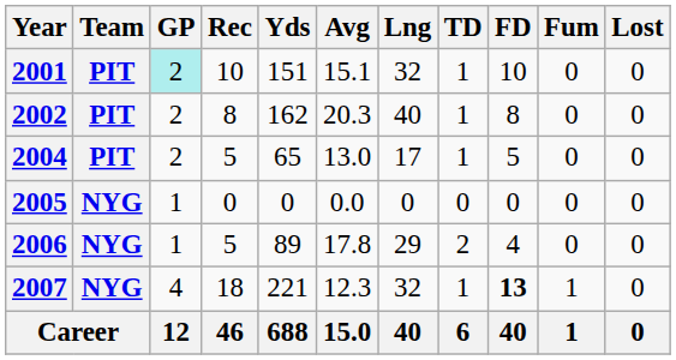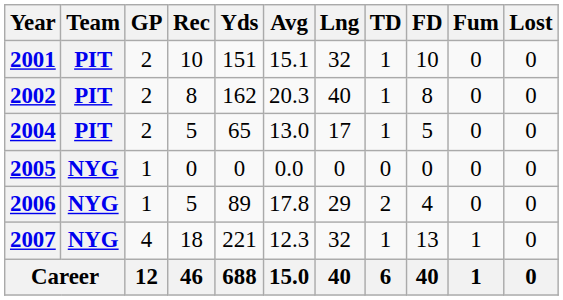 <table class="wikitable" style="text-align:center;">
 <tr>
 <th>Year</th>
 <th>Team</th>
 <th>GP</th>
 <th>Rec</th>
 <th>Yds</th>
 <th>Avg</th>
 <th>Lng</th>
 <th>TD</th>
 <th>FD</th>
 <th>Fum</th>
 <th>Lost</th>
 </tr>
 <tr>
 <th><a href='#'>2001</a></th>
 <th><a href='#'>PIT</a></th>
-<td style="background: paleturquoise;">2</td>
+<td>2</td>
 <td>10</td>
 <td>151</td>
 <td>15.1</td>
 <td>32</td>
 <td>1</td>
 <td>10</td>
 <td>0</td>
 <td>0</td>
 </tr>
 <tr>
 <th><a href='#'>2002</a></th>
 <th><a href='#'>PIT</a></th>
 <td>2</td>
 <td>8</td>
 <td>162</td>
 <td>20.3</td>
 <td>40</td>
 <td>1</td>
 <td>8</td>
 <td>0</td>
 <td>0</td>
 </tr>
 <tr>
 <th><a href='#'>2004</a></th>
 <th><a href='#'>PIT</a></th>
 <td>2</td>
 <td>5</td>
 <td>65</td>
 <td>13.0</td>
 <td>17</td>
 <td>1</td>
 <td>5</td>
 <td>0</td>
 <td>0</td>
 </tr>
 <tr>
 <th><a href='#'>2005</a></th>
 <th><a href='#'>NYG</a></th>
 <td>1</td>
 <td>0</td>
 <td>0</td>
 <td>0.0</td>
 <td>0</td>
 <td>0</td>
 <td>0</td>
 <td>0</td>
 <td>0</td>
 </tr>
 <tr>
 <th><a href='#'>2006</a></th>
 <th><a href='#'>NYG</a></th>
 <td>1</td>
 <td>5</td>
 <td>89</td>
 <td>17.8</td>
 <td>29</td>
 <td>2</td>
 <td>4</td>
 <td>0</td>
 <td>0</td>
 </tr>
 <tr>
 <th><a href='#'>2007</a></th>
 <th><a href='#'>NYG</a></th>
 <td>4</td>
 <td>18</td>
 <td>221</td>
 <td>12.3</td>
 <td>32</td>
 <td>1</td>
-<td><strong>13</strong></td>
+<td>13</td>
 <td>1</td>
 <td>0</td>
 </tr>
 <tr>
 <th colspan="2">Career</th>
 <th>12</th>
 <th>46</th>
 <th>688</th>
 <th>15.0</th>
 <th>40</th>
 <th>6</th>
 <th>40</th>
 <th>1</th>
 <th>0</th>
 </tr>
 </table>
